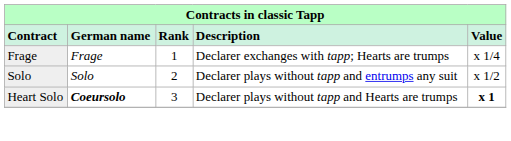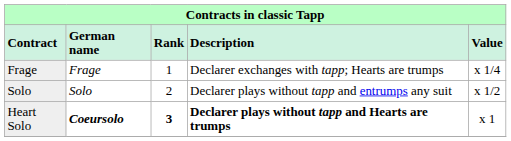 <table class="wikitable" align="float:left" style="background-color:white" width = "620">
 <tr style="background-color:#B9FFC5">
 <td colspan="6" align="center"><strong>Contracts in classic Tapp</strong></td>
 </tr>
 <tr style="background: #cef2e0;">
 <td><strong>Contract</strong></td>
 <td><strong>German name</strong></td>
 <td><strong>Rank</strong></td>
 <td><strong>Description</strong></td>
 <td align = "center"><strong>Value</strong></td>
 </tr>
 <tr>
 <td style="background:#efefef;">Frage</td>
 <td><em>Frage</em></td>
 <td align = "center">1</td>
 <td>Declarer exchanges with <em>tapp</em>; Hearts are trumps</td>
 <td align = "center">x 1/4</td>
 </tr>
 <tr>
 <td style="background:#efefef;">Solo</td>
 <td><em>Solo</em></td>
 <td align = "center">2</td>
 <td>Declarer plays without <em>tapp</em> and <a href='#'>entrumps</a> any suit</td>
 <td align = "center">x 1/2</td>
 </tr>
 <tr>
 <td style="background:#efefef;">Heart Solo</td>
 <td><strong><em>Coeursolo</em></strong></td>
-<td align = "center">3</td>
-<td>Declarer plays without <em>tapp</em> and Hearts are trumps</td>
-<td align = "center"><strong>x 1</strong></td>
+<td align = "center"><strong>3</strong></td>
+<td><strong>Declarer plays without <em>tapp</em> and Hearts are trumps</strong></td>
+<td align = "center">x 1</td>
 </tr>
 <tr>
 </tr>
 </table>
